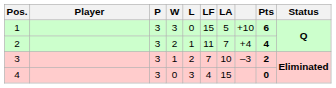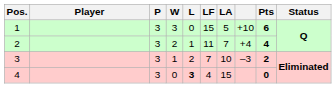 <table class="wikitable" style="text-align:center; margin: 1em auto 1em auto, align:left">
 <tr>
 <th width=20>Pos.</th>
 <th width=185>Player</th>
 <th width=20>P</th>
 <th width=20>W</th>
 <th width=20>L</th>
 <th width=20>LF</th>
 <th width=20>LA</th>
 <th width=25></th>
 <th width=20>Pts</th>
 <th width=70>Status</th>
 </tr>
 <tr style="background:#CCFFCC;">
 <td>1</td>
 <td style="text-align:left"></td>
 <td>3</td>
 <td>3</td>
 <td>0</td>
 <td>15</td>
 <td>5</td>
 <td>+10</td>
 <td><strong>6</strong></td>
 <td rowspan=2><strong>Q</strong></td>
 </tr>
 <tr style="background:#CCFFCC;">
 <td>2</td>
 <td style="text-align:left"></td>
 <td>3</td>
 <td>2</td>
 <td>1</td>
 <td>11</td>
 <td>7</td>
 <td>+4</td>
 <td><strong>4</strong></td>
 </tr>
 <tr style="background:#FFccCC;">
 <td>3</td>
 <td style="text-align:left"></td>
 <td>3</td>
 <td>1</td>
 <td>2</td>
 <td>7</td>
 <td>10</td>
 <td>–3</td>
 <td><strong>2</strong></td>
 <td rowspan=2><strong>Eliminated</strong></td>
 </tr>
 <tr style="background:#FFccCC;">
 <td>4</td>
 <td style="text-align:left"></td>
 <td>3</td>
 <td>0</td>
-<td>3</td>
+<td><strong>3</strong></td>
 <td>4</td>
 <td>15</td>
 <td></td>
 <td><strong>0</strong></td>
 </tr>
 </table>
